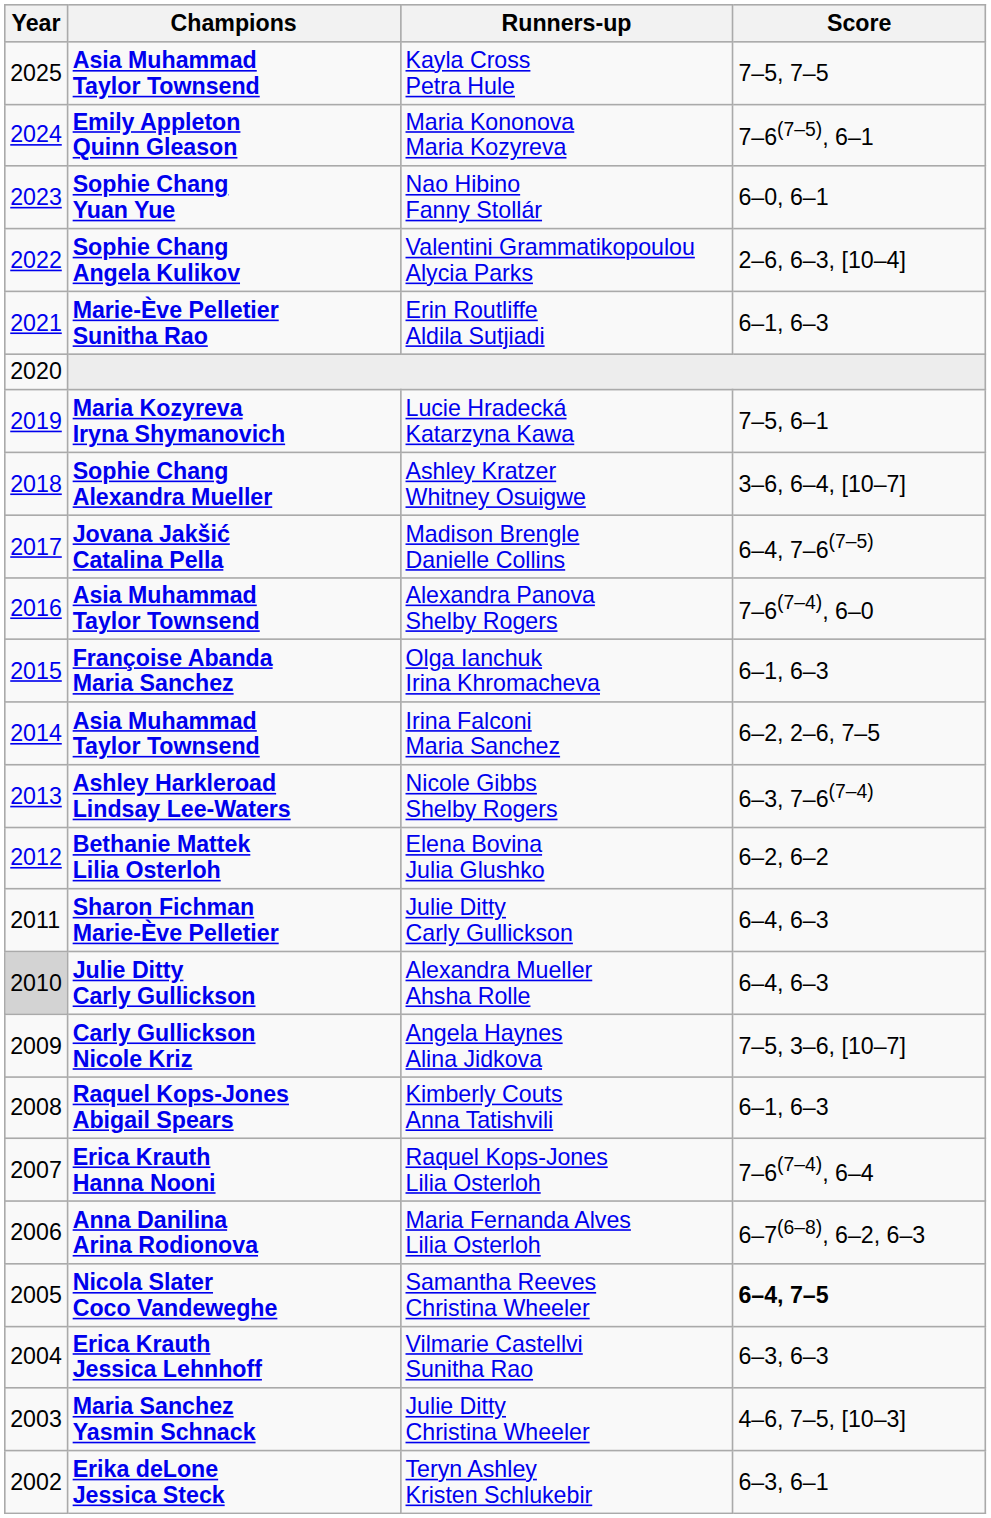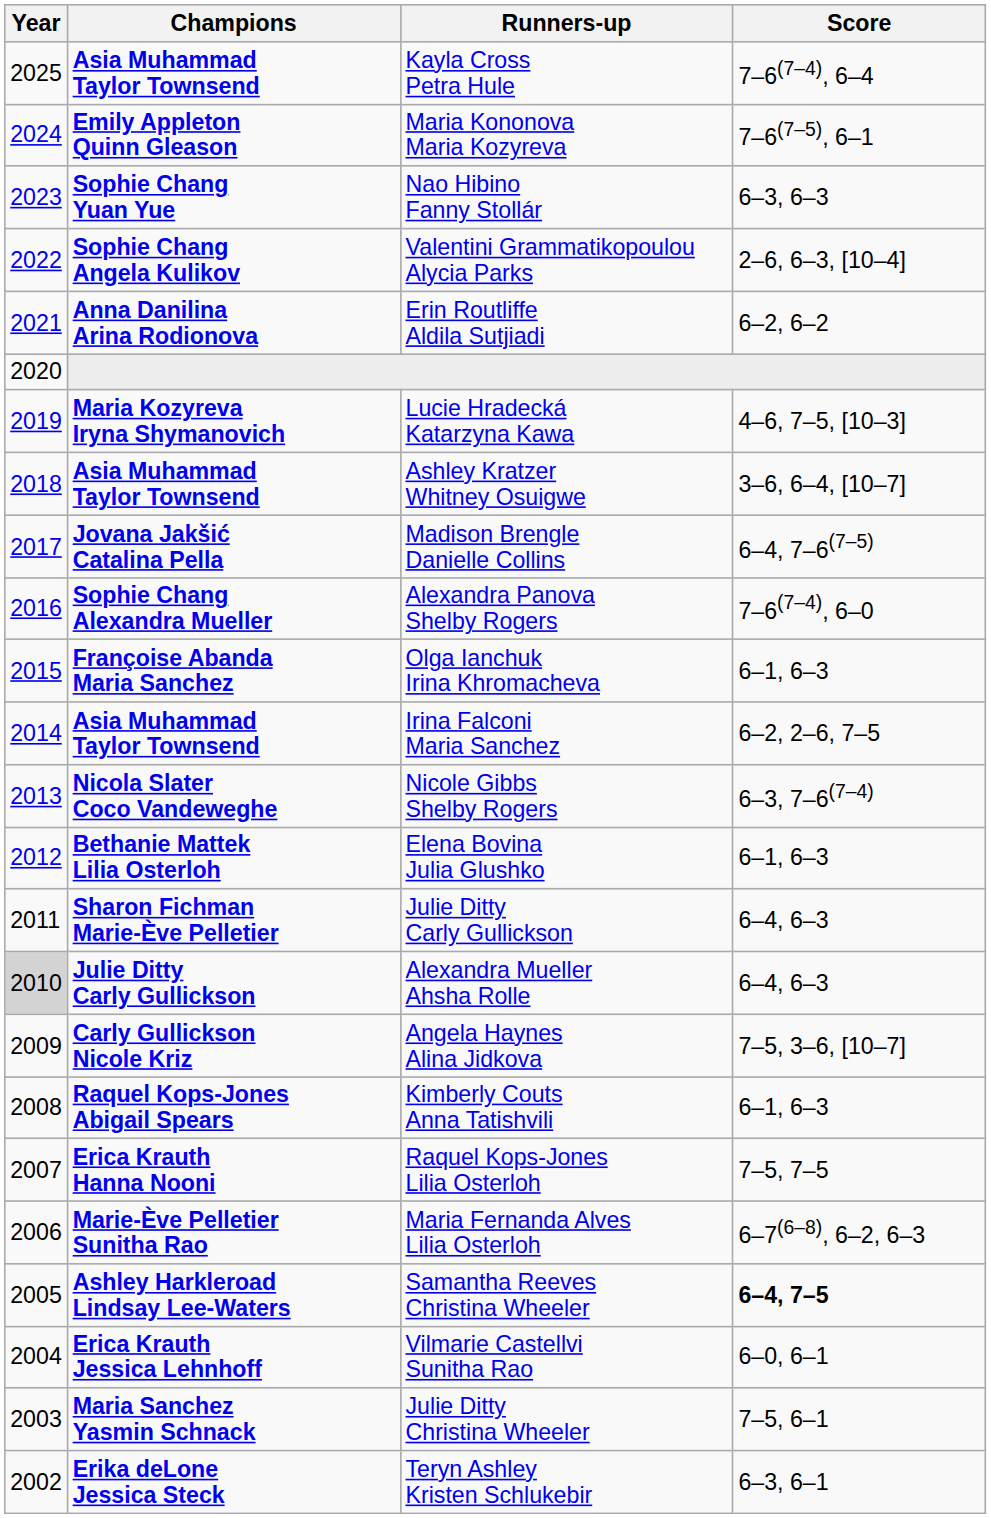 <table class="wikitable" style="font-size:90%">
 <tr>
 <th>Year</th>
 <th width="200">Champions</th>
 <th width="200">Runners-up</th>
 <th width="150">Score</th>
 </tr>
 <tr>
 <td>2025</td>
 <td> <strong><a href='#'>Asia Muhammad</a></strong> <br>  <strong><a href='#'>Taylor Townsend</a></strong></td>
 <td> <a href='#'>Kayla Cross</a> <br>  <a href='#'>Petra Hule</a></td>
-<td>7–5, 7–5</td>
+<td>7–6<sup>(7–4)</sup>, 6–4</td>
 </tr>
 <tr>
 <td><a href='#'>2024</a></td>
 <td> <strong><a href='#'>Emily Appleton</a></strong> <br>  <strong><a href='#'>Quinn Gleason</a></strong></td>
 <td> <a href='#'>Maria Kononova</a> <br>  <a href='#'>Maria Kozyreva</a></td>
 <td>7–6<sup>(7–5)</sup>, 6–1</td>
 </tr>
 <tr>
 <td><a href='#'>2023</a></td>
 <td> <strong><a href='#'>Sophie Chang</a></strong> <br>  <strong><a href='#'>Yuan Yue</a></strong></td>
 <td> <a href='#'>Nao Hibino</a> <br>  <a href='#'>Fanny Stollár</a></td>
-<td>6–0, 6–1</td>
+<td>6–3, 6–3</td>
 </tr>
 <tr>
 <td><a href='#'>2022</a></td>
 <td> <strong><a href='#'>Sophie Chang</a></strong> <br>  <strong><a href='#'>Angela Kulikov</a></strong></td>
 <td> <a href='#'>Valentini Grammatikopoulou</a> <br>  <a href='#'>Alycia Parks</a></td>
 <td>2–6, 6–3, [10–4]</td>
 </tr>
 <tr>
 <td><a href='#'>2021</a></td>
-<td> <strong><a href='#'>Marie-Ève Pelletier</a></strong> <br>  <strong><a href='#'>Sunitha Rao</a></strong></td>
+<td> <strong><a href='#'>Anna Danilina</a></strong> <br>  <strong><a href='#'>Arina Rodionova</a></strong></td>
 <td> <a href='#'>Erin Routliffe</a> <br>  <a href='#'>Aldila Sutjiadi</a></td>
-<td>6–1, 6–3</td>
+<td>6–2, 6–2</td>
 </tr>
 <tr>
 <td>2020</td>
 <td colspan=3 bgcolor="#ededed"></td>
 </tr>
 <tr>
 <td><a href='#'>2019</a></td>
 <td> <strong><a href='#'>Maria Kozyreva</a></strong> <br>  <strong><a href='#'>Iryna Shymanovich</a></strong></td>
 <td> <a href='#'>Lucie Hradecká</a> <br>  <a href='#'>Katarzyna Kawa</a></td>
-<td>7–5, 6–1</td>
+<td>4–6, 7–5, [10–3]</td>
 </tr>
 <tr>
 <td><a href='#'>2018</a></td>
-<td> <strong><a href='#'>Sophie Chang</a></strong> <br>  <strong><a href='#'>Alexandra Mueller</a></strong></td>
+<td> <strong><a href='#'>Asia Muhammad</a></strong> <br>  <strong><a href='#'>Taylor Townsend</a></strong></td>
 <td> <a href='#'>Ashley Kratzer</a> <br>  <a href='#'>Whitney Osuigwe</a></td>
 <td>3–6, 6–4, [10–7]</td>
 </tr>
 <tr>
 <td><a href='#'>2017</a></td>
 <td> <strong><a href='#'>Jovana Jakšić</a></strong> <br>  <strong><a href='#'>Catalina Pella</a></strong></td>
 <td> <a href='#'>Madison Brengle</a> <br>  <a href='#'>Danielle Collins</a></td>
 <td>6–4, 7–6<sup>(7–5)</sup></td>
 </tr>
 <tr>
 <td><a href='#'>2016</a></td>
-<td> <strong><a href='#'>Asia Muhammad</a></strong> <br>  <strong><a href='#'>Taylor Townsend</a></strong></td>
+<td> <strong><a href='#'>Sophie Chang</a></strong> <br>  <strong><a href='#'>Alexandra Mueller</a></strong></td>
 <td> <a href='#'>Alexandra Panova</a> <br>  <a href='#'>Shelby Rogers</a></td>
 <td>7–6<sup>(7–4)</sup>, 6–0</td>
 </tr>
 <tr>
 <td><a href='#'>2015</a></td>
 <td> <strong><a href='#'>Françoise Abanda</a></strong> <br>  <strong><a href='#'>Maria Sanchez</a></strong></td>
 <td> <a href='#'>Olga Ianchuk</a> <br>  <a href='#'>Irina Khromacheva</a></td>
 <td>6–1, 6–3</td>
 </tr>
 <tr>
 <td><a href='#'>2014</a></td>
 <td> <strong><a href='#'>Asia Muhammad</a></strong> <br>  <strong><a href='#'>Taylor Townsend</a></strong></td>
 <td> <a href='#'>Irina Falconi</a> <br>  <a href='#'>Maria Sanchez</a></td>
 <td>6–2, 2–6, 7–5</td>
 </tr>
 <tr>
 <td><a href='#'>2013</a></td>
-<td> <strong><a href='#'>Ashley Harkleroad</a></strong> <br>  <strong><a href='#'>Lindsay Lee-Waters</a></strong></td>
+<td> <strong><a href='#'>Nicola Slater</a></strong> <br>  <strong><a href='#'>Coco Vandeweghe</a></strong></td>
 <td> <a href='#'>Nicole Gibbs</a> <br>  <a href='#'>Shelby Rogers</a></td>
 <td>6–3, 7–6<sup>(7–4)</sup></td>
 </tr>
 <tr>
 <td><a href='#'>2012</a></td>
 <td> <strong><a href='#'>Bethanie Mattek</a></strong> <br>  <strong><a href='#'>Lilia Osterloh</a></strong></td>
 <td> <a href='#'>Elena Bovina</a> <br>  <a href='#'>Julia Glushko</a></td>
-<td>6–2, 6–2</td>
+<td>6–1, 6–3</td>
 </tr>
 <tr>
 <td>2011</td>
 <td> <strong><a href='#'>Sharon Fichman</a></strong> <br>  <strong><a href='#'>Marie-Ève Pelletier</a></strong></td>
 <td> <a href='#'>Julie Ditty</a> <br>  <a href='#'>Carly Gullickson</a></td>
 <td>6–4, 6–3</td>
 </tr>
 <tr>
 <td style="background: lightgrey;">2010</td>
 <td> <strong><a href='#'>Julie Ditty</a></strong> <br>  <strong><a href='#'>Carly Gullickson</a></strong></td>
 <td> <a href='#'>Alexandra Mueller</a> <br>  <a href='#'>Ahsha Rolle</a></td>
 <td>6–4, 6–3</td>
 </tr>
 <tr>
 <td>2009</td>
 <td> <strong><a href='#'>Carly Gullickson</a></strong> <br>  <strong><a href='#'>Nicole Kriz</a></strong></td>
 <td> <a href='#'>Angela Haynes</a> <br>  <a href='#'>Alina Jidkova</a></td>
 <td>7–5, 3–6, [10–7]</td>
 </tr>
 <tr>
 <td>2008</td>
 <td> <strong><a href='#'>Raquel Kops-Jones</a></strong> <br>  <strong><a href='#'>Abigail Spears</a></strong></td>
 <td> <a href='#'>Kimberly Couts</a> <br>  <a href='#'>Anna Tatishvili</a></td>
 <td>6–1, 6–3</td>
 </tr>
 <tr>
 <td>2007</td>
 <td> <strong><a href='#'>Erica Krauth</a></strong> <br>  <strong><a href='#'>Hanna Nooni</a></strong></td>
 <td> <a href='#'>Raquel Kops-Jones</a> <br>  <a href='#'>Lilia Osterloh</a></td>
-<td>7–6<sup>(7–4)</sup>, 6–4</td>
+<td>7–5, 7–5</td>
 </tr>
 <tr>
 <td>2006</td>
-<td> <strong><a href='#'>Anna Danilina</a></strong> <br>  <strong><a href='#'>Arina Rodionova</a></strong></td>
+<td> <strong><a href='#'>Marie-Ève Pelletier</a></strong> <br>  <strong><a href='#'>Sunitha Rao</a></strong></td>
 <td> <a href='#'>Maria Fernanda Alves</a> <br>  <a href='#'>Lilia Osterloh</a></td>
 <td>6–7<sup>(6–8)</sup>, 6–2, 6–3</td>
 </tr>
 <tr>
 <td>2005</td>
-<td> <strong><a href='#'>Nicola Slater</a></strong> <br>  <strong><a href='#'>Coco Vandeweghe</a></strong></td>
+<td> <strong><a href='#'>Ashley Harkleroad</a></strong> <br>  <strong><a href='#'>Lindsay Lee-Waters</a></strong></td>
 <td> <a href='#'>Samantha Reeves</a> <br>  <a href='#'>Christina Wheeler</a></td>
 <td><strong>6–4, 7–5</strong></td>
 </tr>
 <tr>
 <td>2004</td>
 <td> <strong><a href='#'>Erica Krauth</a></strong> <br>  <strong><a href='#'>Jessica Lehnhoff</a></strong></td>
 <td> <a href='#'>Vilmarie Castellvi</a> <br>  <a href='#'>Sunitha Rao</a></td>
-<td>6–3, 6–3</td>
+<td>6–0, 6–1</td>
 </tr>
 <tr>
 <td>2003</td>
 <td> <strong><a href='#'>Maria Sanchez</a></strong> <br>  <strong><a href='#'>Yasmin Schnack</a></strong></td>
 <td> <a href='#'>Julie Ditty</a> <br>  <a href='#'>Christina Wheeler</a></td>
-<td>4–6, 7–5, [10–3]</td>
+<td>7–5, 6–1</td>
 </tr>
 <tr>
 <td>2002</td>
 <td> <strong><a href='#'>Erika deLone</a></strong> <br>  <strong><a href='#'>Jessica Steck</a></strong></td>
 <td> <a href='#'>Teryn Ashley</a> <br>  <a href='#'>Kristen Schlukebir</a></td>
 <td>6–3, 6–1</td>
 </tr>
 </table>
